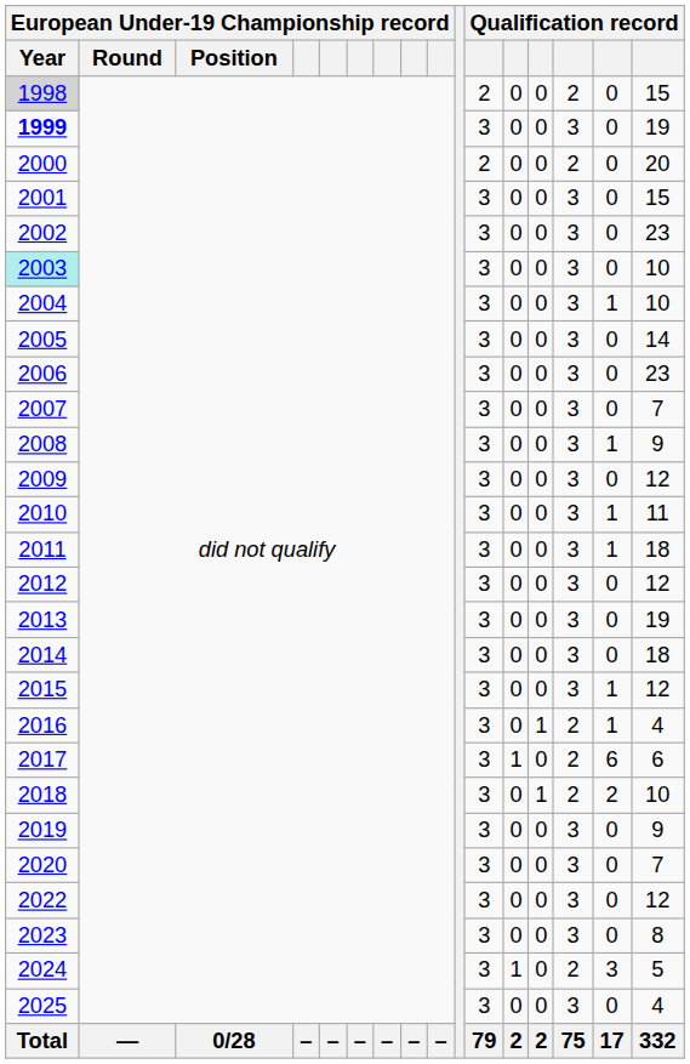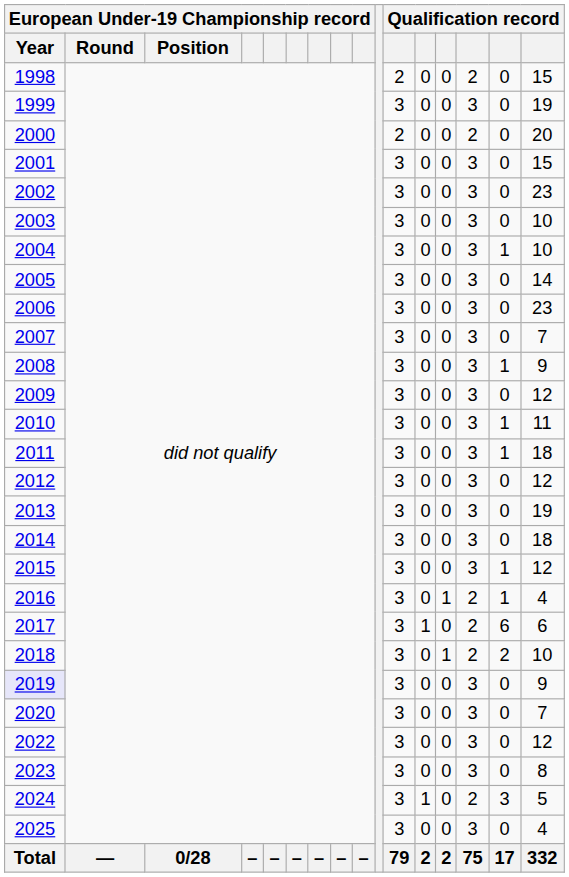 <table class="wikitable" style="text-align: center;">
 <tr>
 <th colspan=9>European Under-19 Championship record</th>
 <th rowspan="30"></th>
 <th colspan=6>Qualification record</th>
 </tr>
 <tr>
 <th>Year</th>
 <th>Round</th>
 <th>Position</th>
 <th></th>
 <th></th>
 <th></th>
 <th></th>
 <th></th>
 <th></th>
 <th></th>
 <th></th>
 <th></th>
 <th></th>
 <th></th>
 <th></th>
 </tr>
 <tr>
-<td style="background: lightgrey;"> <a href='#'>1998</a></td>
+<td> <a href='#'>1998</a></td>
 <td colspan=8 rowspan=27><em>did not qualify</em></td>
 <td>2</td>
 <td>0</td>
 <td>0</td>
 <td>2</td>
 <td>0</td>
 <td>15</td>
 </tr>
 <tr>
-<td><strong> <a href='#'>1999</a></strong></td>
+<td> <a href='#'>1999</a></td>
 <td>3</td>
 <td>0</td>
 <td>0</td>
 <td>3</td>
 <td>0</td>
 <td>19</td>
 </tr>
 <tr>
 <td> <a href='#'>2000</a></td>
 <td>2</td>
 <td>0</td>
 <td>0</td>
 <td>2</td>
 <td>0</td>
 <td>20</td>
 </tr>
 <tr>
 <td> <a href='#'>2001</a></td>
 <td>3</td>
 <td>0</td>
 <td>0</td>
 <td>3</td>
 <td>0</td>
 <td>15</td>
 </tr>
 <tr>
 <td> <a href='#'>2002</a></td>
 <td>3</td>
 <td>0</td>
 <td>0</td>
 <td>3</td>
 <td>0</td>
 <td>23</td>
 </tr>
 <tr>
-<td style="background: paleturquoise;"> <a href='#'>2003</a></td>
+<td> <a href='#'>2003</a></td>
 <td>3</td>
 <td>0</td>
 <td>0</td>
 <td>3</td>
 <td>0</td>
 <td>10</td>
 </tr>
 <tr>
 <td> <a href='#'>2004</a></td>
 <td>3</td>
 <td>0</td>
 <td>0</td>
 <td>3</td>
 <td>1</td>
 <td>10</td>
 </tr>
 <tr>
 <td> <a href='#'>2005</a></td>
 <td>3</td>
 <td>0</td>
 <td>0</td>
 <td>3</td>
 <td>0</td>
 <td>14</td>
 </tr>
 <tr>
 <td> <a href='#'>2006</a></td>
 <td>3</td>
 <td>0</td>
 <td>0</td>
 <td>3</td>
 <td>0</td>
 <td>23</td>
 </tr>
 <tr>
 <td> <a href='#'>2007</a></td>
 <td>3</td>
 <td>0</td>
 <td>0</td>
 <td>3</td>
 <td>0</td>
 <td>7</td>
 </tr>
 <tr>
 <td> <a href='#'>2008</a></td>
 <td>3</td>
 <td>0</td>
 <td>0</td>
 <td>3</td>
 <td>1</td>
 <td>9</td>
 </tr>
 <tr>
 <td> <a href='#'>2009</a></td>
 <td>3</td>
 <td>0</td>
 <td>0</td>
 <td>3</td>
 <td>0</td>
 <td>12</td>
 </tr>
 <tr>
 <td> <a href='#'>2010</a></td>
 <td>3</td>
 <td>0</td>
 <td>0</td>
 <td>3</td>
 <td>1</td>
 <td>11</td>
 </tr>
 <tr>
 <td> <a href='#'>2011</a></td>
 <td>3</td>
 <td>0</td>
 <td>0</td>
 <td>3</td>
 <td>1</td>
 <td>18</td>
 </tr>
 <tr>
 <td> <a href='#'>2012</a></td>
 <td>3</td>
 <td>0</td>
 <td>0</td>
 <td>3</td>
 <td>0</td>
 <td>12</td>
 </tr>
 <tr>
 <td> <a href='#'>2013</a></td>
 <td>3</td>
 <td>0</td>
 <td>0</td>
 <td>3</td>
 <td>0</td>
 <td>19</td>
 </tr>
 <tr>
 <td> <a href='#'>2014</a></td>
 <td>3</td>
 <td>0</td>
 <td>0</td>
 <td>3</td>
 <td>0</td>
 <td>18</td>
 </tr>
 <tr>
 <td> <a href='#'>2015</a></td>
 <td>3</td>
 <td>0</td>
 <td>0</td>
 <td>3</td>
 <td>1</td>
 <td>12</td>
 </tr>
 <tr>
 <td> <a href='#'>2016</a></td>
 <td>3</td>
 <td>0</td>
 <td>1</td>
 <td>2</td>
 <td>1</td>
 <td>4</td>
 </tr>
 <tr>
 <td> <a href='#'>2017</a></td>
 <td>3</td>
 <td>1</td>
 <td>0</td>
 <td>2</td>
 <td>6</td>
 <td>6</td>
 </tr>
 <tr>
 <td> <a href='#'>2018</a></td>
 <td>3</td>
 <td>0</td>
 <td>1</td>
 <td>2</td>
 <td>2</td>
 <td>10</td>
 </tr>
 <tr>
-<td> <a href='#'>2019</a></td>
+<td style="background: lavender;"> <a href='#'>2019</a></td>
 <td>3</td>
 <td>0</td>
 <td>0</td>
 <td>3</td>
 <td>0</td>
 <td>9</td>
 </tr>
 <tr>
 <td> <a href='#'>2020</a></td>
 <td>3</td>
 <td>0</td>
 <td>0</td>
 <td>3</td>
 <td>0</td>
 <td>7</td>
 </tr>
 <tr>
 <td> <a href='#'>2022</a></td>
 <td>3</td>
 <td>0</td>
 <td>0</td>
 <td>3</td>
 <td>0</td>
 <td>12</td>
 </tr>
 <tr>
 <td> <a href='#'>2023</a></td>
 <td>3</td>
 <td>0</td>
 <td>0</td>
 <td>3</td>
 <td>0</td>
 <td>8</td>
 </tr>
 <tr>
 <td> <a href='#'>2024</a></td>
 <td>3</td>
 <td>1</td>
 <td>0</td>
 <td>2</td>
 <td>3</td>
 <td>5</td>
 </tr>
 <tr>
 <td> <a href='#'>2025</a></td>
 <td>3</td>
 <td>0</td>
 <td>0</td>
 <td>3</td>
 <td>0</td>
 <td>4</td>
 </tr>
 <tr>
 <th><strong>Total</strong></th>
 <th>—</th>
 <th><strong>0/28</strong></th>
 <th>–</th>
 <th>–</th>
 <th>–</th>
 <th>–</th>
 <th>–</th>
 <th>–</th>
 <th><strong>79</strong></th>
 <th><strong>2</strong></th>
 <th><strong>2</strong></th>
 <th><strong>75</strong></th>
 <th><strong>17</strong></th>
 <th><strong>332</strong></th>
 </tr>
 </table>
